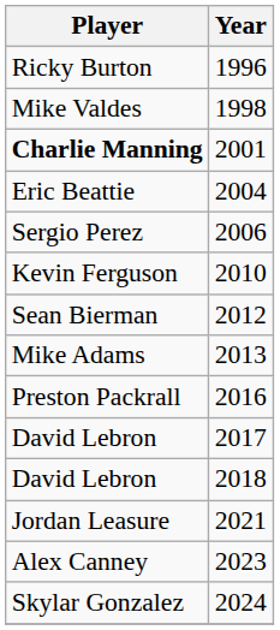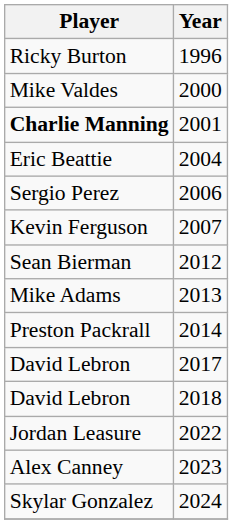 <table class="wikitable">
 <tr>
 <th scope="col">Player</th>
 <th scope="col">Year</th>
 </tr>
 <tr>
 <td scope="row">Ricky Burton</td>
 <td>1996</td>
 </tr>
 <tr>
 <td scope="row">Mike Valdes</td>
-<td>1998</td>
+<td>2000</td>
 </tr>
 <tr>
 <td scope="row"><strong>Charlie Manning</strong></td>
 <td>2001</td>
 </tr>
 <tr>
 <td scope="row">Eric Beattie</td>
 <td>2004</td>
 </tr>
 <tr>
 <td scope="row">Sergio Perez</td>
 <td>2006</td>
 </tr>
 <tr>
 <td scope="row">Kevin Ferguson</td>
-<td>2010</td>
+<td>2007</td>
 </tr>
 <tr>
 <td scope="row">Sean Bierman</td>
 <td>2012</td>
 </tr>
 <tr>
 <td scope="row">Mike Adams</td>
 <td>2013</td>
 </tr>
 <tr>
 <td scope="row">Preston Packrall</td>
-<td>2016</td>
+<td>2014</td>
 </tr>
 <tr>
 <td scope="row">David Lebron</td>
 <td>2017</td>
 </tr>
 <tr>
 <td scope="row">David Lebron</td>
 <td>2018</td>
 </tr>
 <tr>
 <td scope="row">Jordan Leasure</td>
-<td>2021</td>
+<td>2022</td>
 </tr>
 <tr>
 <td scope="row">Alex Canney</td>
 <td>2023</td>
 </tr>
 <tr>
 <td scope="row">Skylar Gonzalez</td>
 <td>2024</td>
 </tr>
 <tr>
 </tr>
 </table>
